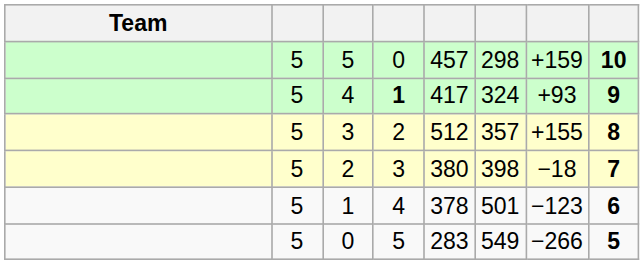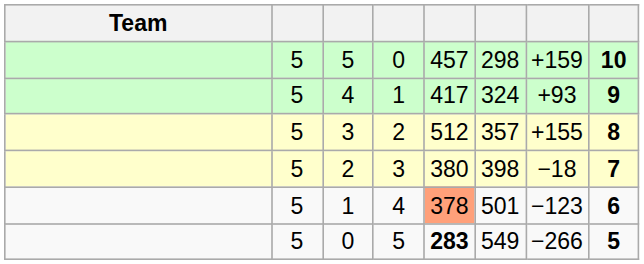 <table class="wikitable" style="text-align: center; font-size:90% ">
 <tr>
 <th width=160>Team</th>
 <th width=25></th>
 <th width=25></th>
 <th width=25></th>
 <th width=25></th>
 <th width=25></th>
 <th width=25></th>
 <th width=25></th>
 </tr>
 <tr bgcolor=ccffcc>
 <td align=left></td>
 <td>5</td>
 <td>5</td>
 <td>0</td>
 <td>457</td>
 <td>298</td>
 <td>+159</td>
 <td><strong>10</strong></td>
 </tr>
 <tr bgcolor=ccffcc>
 <td align=left></td>
 <td>5</td>
 <td>4</td>
-<td><strong>1</strong></td>
+<td>1</td>
 <td>417</td>
 <td>324</td>
 <td>+93</td>
 <td><strong>9</strong></td>
 </tr>
 <tr bgcolor=ffffcc>
 <td align=left></td>
 <td>5</td>
 <td>3</td>
 <td>2</td>
 <td>512</td>
 <td>357</td>
 <td>+155</td>
 <td><strong>8</strong></td>
 </tr>
 <tr bgcolor=ffffcc>
 <td align=left></td>
 <td>5</td>
 <td>2</td>
 <td>3</td>
 <td>380</td>
 <td>398</td>
 <td>−18</td>
 <td><strong>7</strong></td>
 </tr>
 <tr>
 <td align=left></td>
 <td>5</td>
 <td>1</td>
 <td>4</td>
-<td>378</td>
+<td style="background: lightsalmon;">378</td>
 <td>501</td>
 <td>−123</td>
 <td><strong>6</strong></td>
 </tr>
 <tr>
 <td align=left></td>
 <td>5</td>
 <td>0</td>
 <td>5</td>
-<td>283</td>
+<td><strong>283</strong></td>
 <td>549</td>
 <td>−266</td>
 <td><strong>5</strong></td>
 </tr>
 </table>
